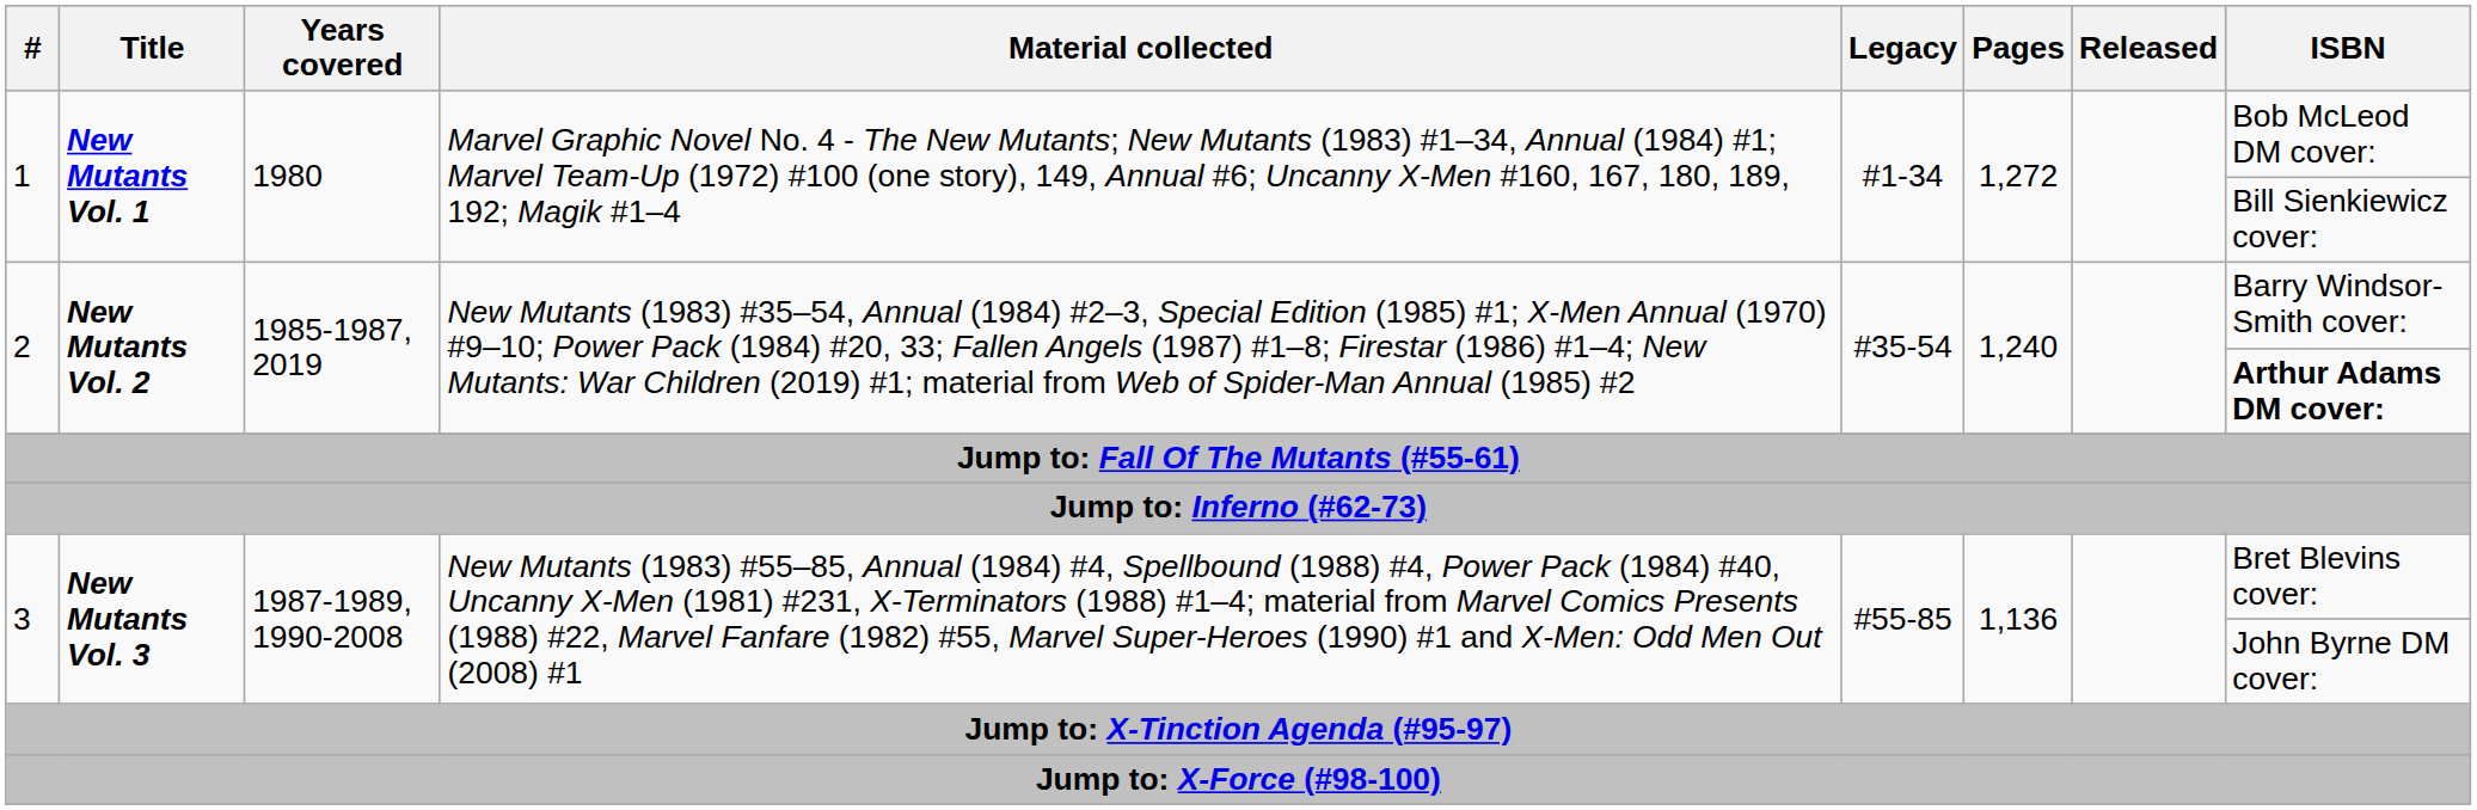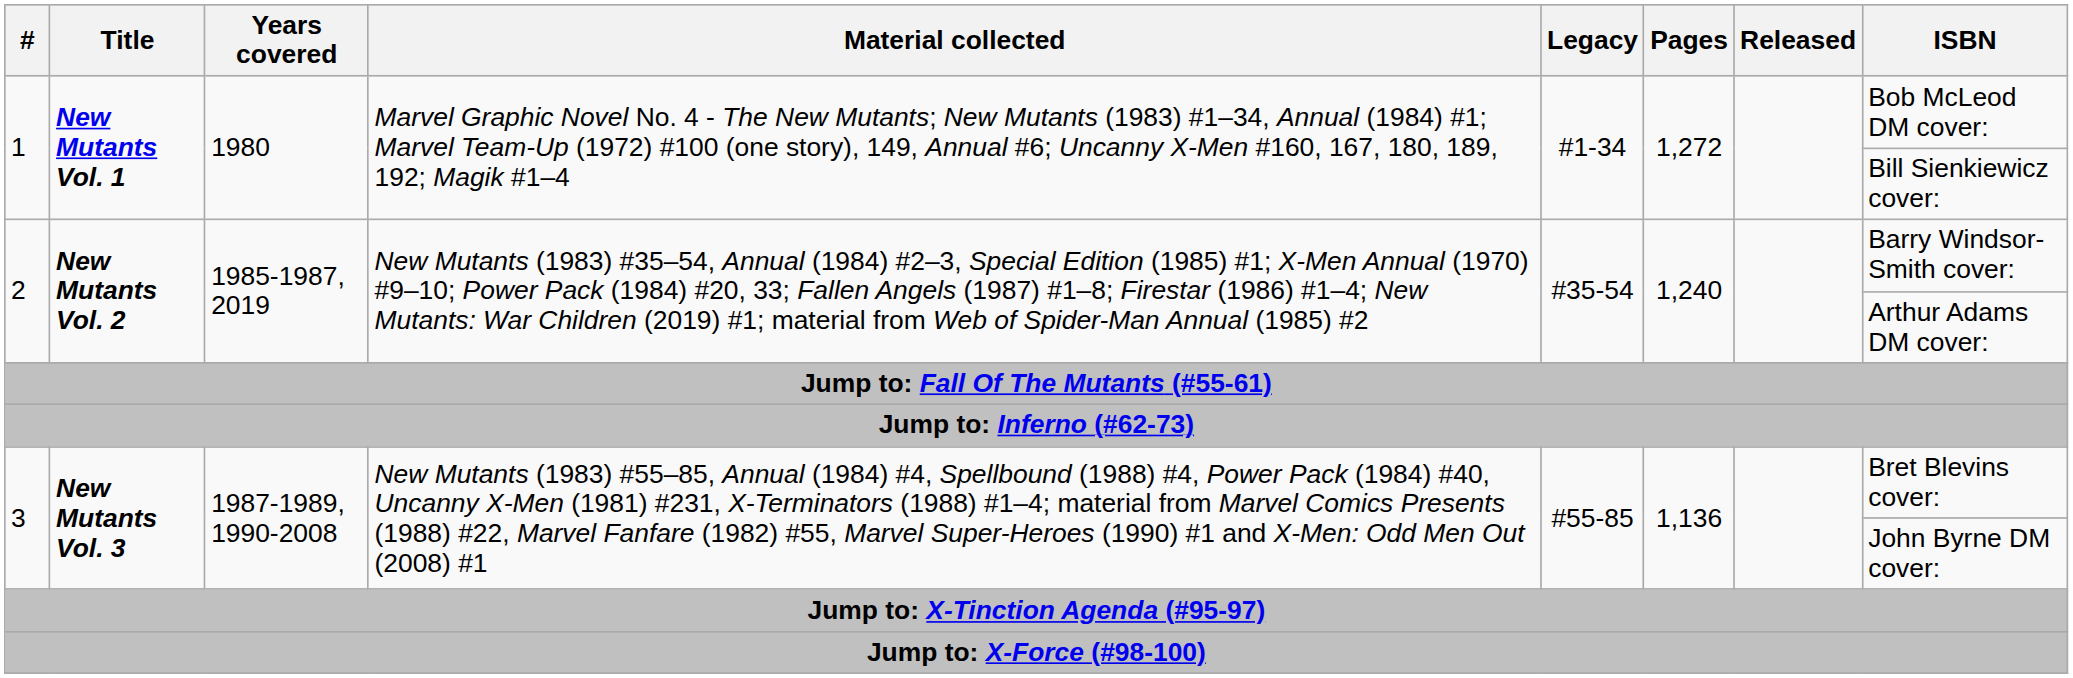 <table class="wikitable sortable" width="99%">
 <tr>
 <th class="unsortable" width="20px">#</th>
 <th>Title</th>
 <th>Years covered</th>
 <th class="unsortable">Material collected</th>
 <th>Legacy</th>
 <th>Pages</th>
 <th>Released</th>
 <th class="unsortable">ISBN</th>
 </tr>
 <tr>
 <td rowspan=2>1</td>
 <td rowspan=2><strong><em><a href='#'>New Mutants</a> Vol. 1</em></strong></td>
 <td rowspan=2> 1980</td>
 <td rowspan=2><em>Marvel Graphic Novel</em> No. 4 - <em>The New Mutants</em>; <em>New Mutants</em> (1983) #1–34, <em>Annual</em> (1984) #1; <em>Marvel Team-Up</em> (1972) #100 (one story), 149, <em>Annual</em> #6; <em>Uncanny X-Men</em> #160, 167, 180, 189, 192; <em>Magik</em> #1–4</td>
 <td rowspan=2 style="text-align: center;">#1-34</td>
 <td rowspan=2 style="text-align: center;">1,272</td>
 <td rowspan=2></td>
 <td>Bob McLeod DM cover: </td>
 </tr>
 <tr>
 <td>Bill Sienkiewicz cover: </td>
 </tr>
 <tr>
 <td rowspan=2>2</td>
 <td rowspan=2><strong><em>New Mutants Vol. 2</em></strong></td>
 <td rowspan=2>1985-1987, 2019</td>
 <td rowspan=2><em>New Mutants</em> (1983) #35–54, <em>Annual</em> (1984) #2–3, <em>Special Edition</em> (1985) #1; <em>X-Men Annual</em> (1970) #9–10; <em>Power Pack</em> (1984) #20, 33; <em>Fallen Angels</em> (1987) #1–8; <em>Firestar</em> (1986) #1–4; <em>New Mutants: War Children</em> (2019) #1; material from <em>Web of Spider-Man Annual</em> (1985) #2</td>
 <td rowspan=2 style="text-align: center;">#35-54</td>
 <td rowspan=2 style="text-align: center;">1,240</td>
 <td rowspan=2></td>
 <td>Barry Windsor-Smith cover: </td>
 </tr>
 <tr>
-<td><strong>Arthur Adams DM cover: </strong></td>
+<td>Arthur Adams DM cover: </td>
 </tr>
 <tr>
 <th colspan=8 style="background-color: silver;">Jump to: <a href='#'><em>Fall Of The Mutants</em> (#55-61)</a></th>
 </tr>
 <tr>
 <th colspan=8 style="background-color: silver;">Jump to: <a href='#'><em>Inferno</em> (#62-73)</a></th>
 </tr>
 <tr>
 <td rowspan=2>3</td>
 <td rowspan=2><strong><em>New Mutants Vol. 3</em></strong></td>
 <td rowspan=2>1987-1989, 1990-2008</td>
 <td rowspan=2><em>New Mutants</em> (1983) #55–85, <em>Annual</em> (1984) #4, <em>Spellbound</em> (1988) #4, <em>Power Pack</em> (1984) #40, <em>Uncanny X-Men</em> (1981) #231, <em>X-Terminators</em> (1988) #1–4; material from <em>Marvel Comics Presents</em> (1988) #22, <em>Marvel Fanfare</em> (1982) #55, <em>Marvel Super-Heroes</em> (1990) #1 and <em>X-Men: Odd Men Out</em> (2008) #1</td>
 <td rowspan=2 style="text-align: center;">#55-85</td>
 <td rowspan=2 style="text-align: center;">1,136</td>
 <td rowspan=2></td>
 <td>Bret Blevins cover: </td>
 </tr>
 <tr>
 <td>John Byrne DM cover: </td>
 </tr>
 <tr>
 <th colspan=8 style="background-color: silver;">Jump to: <a href='#'><em>X-Tinction Agenda</em> (#95-97)</a></th>
 </tr>
 <tr>
 <th colspan=8 style="background-color: silver;">Jump to: <a href='#'><em>X-Force</em> (#98-100)</a></th>
 </tr>
 </table>
